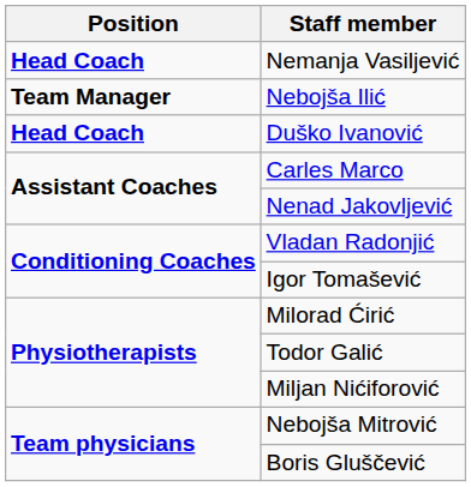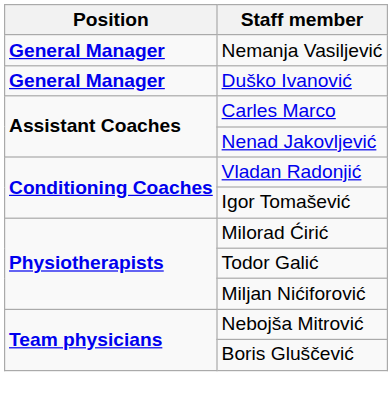 <table class="wikitable">
 <tr>
 <th>Position</th>
 <th>Staff member</th>
 </tr>
 <tr>
-<td><strong><a href='#'>Head Coach</a></strong></td>
+<td><strong><a href='#'>General Manager</a></strong></td>
 <td> Nemanja Vasiljević</td>
 </tr>
 <tr>
-<td><strong>Team Manager</strong></td>
-<td> <a href='#'>Nebojša Ilić</a></td>
-</tr>
-<tr>
-<td><strong><a href='#'>Head Coach</a></strong></td>
+<td><strong><a href='#'>General Manager</a></strong></td>
 <td> <a href='#'>Duško Ivanović</a></td>
 </tr>
 <tr>
 <td rowspan=2><strong>Assistant Coaches</strong></td>
 <td> <a href='#'>Carles Marco</a></td>
 </tr>
 <tr>
 <td> <a href='#'>Nenad Jakovljević</a></td>
 </tr>
 <tr>
 <td rowspan=2><strong><a href='#'>Conditioning Coaches</a></strong></td>
 <td> <a href='#'>Vladan Radonjić</a></td>
 </tr>
 <tr>
 <td> Igor Tomašević</td>
 </tr>
 <tr>
 <td rowspan=3><strong><a href='#'>Physiotherapists</a></strong></td>
 <td> Milorad Ćirić</td>
 </tr>
 <tr>
 <td> Todor Galić</td>
 </tr>
 <tr>
 <td> Miljan Nićiforović</td>
 </tr>
 <tr>
 <td rowspan=2><strong><a href='#'>Team physicians</a></strong></td>
 <td> Nebojša Mitrović</td>
 </tr>
 <tr>
 <td> Boris Gluščević</td>
 </tr>
 </table>
